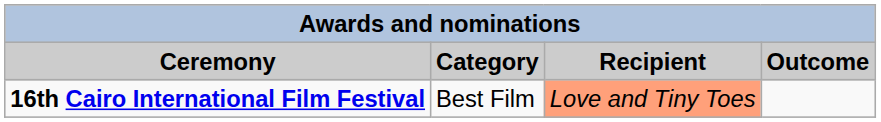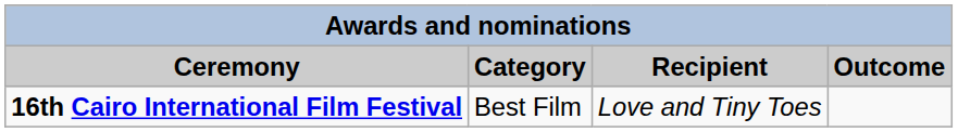 <table class="wikitable" style="font-size:95%;" ;>
 <tr style="background:#ccc; text-align:center;">
 <th colspan="4" style="background: LightSteelBlue;">Awards and nominations</th>
 </tr>
 <tr style="background:#ccc; text-align:center;">
 <th style="background:#ccc">Ceremony</th>
 <th style="background:#ccc">Category</th>
 <th style="background:#ccc">Recipient</th>
 <th style="background:#ccc">Outcome</th>
 </tr>
 <tr>
 <td><strong>16th <a href='#'>Cairo International Film Festival</a></strong></td>
 <td>Best Film</td>
-<td style="background: lightsalmon;"><em>Love and Tiny Toes</em></td>
+<td><em>Love and Tiny Toes</em></td>
 <td></td>
 </tr>
 </table>
